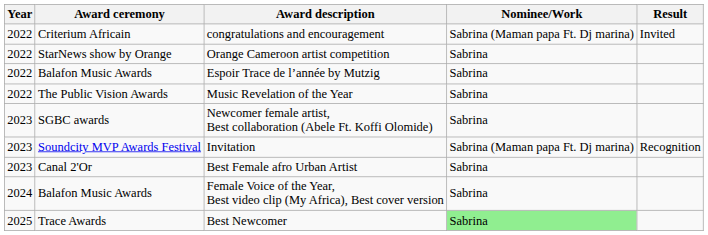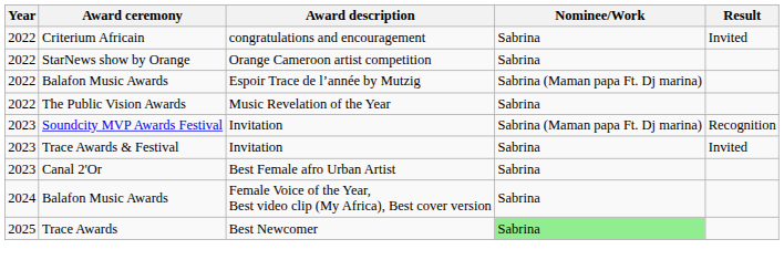 <table class="wikitable sortable">
 <tr>
 <th>Year</th>
 <th>Award ceremony</th>
 <th>Award description</th>
 <th>Nominee/Work</th>
 <th>Result</th>
 </tr>
 <tr>
 <td>2022</td>
 <td>Criterium Africain</td>
 <td>congratulations and encouragement</td>
-<td>Sabrina (Maman papa Ft. Dj marina)</td>
+<td>Sabrina</td>
 <td>Invited</td>
 </tr>
 <tr>
 <td>2022</td>
 <td>StarNews show by Orange</td>
 <td>Orange Cameroon artist competition</td>
 <td>Sabrina</td>
 <td></td>
 </tr>
 <tr>
 <td>2022</td>
 <td>Balafon Music Awards</td>
 <td>Espoir Trace de l’année by Mutzig</td>
-<td>Sabrina</td>
+<td>Sabrina (Maman papa Ft. Dj marina)</td>
 <td></td>
 </tr>
 <tr>
 <td>2022</td>
 <td>The Public Vision Awards</td>
 <td>Music Revelation of the Year</td>
 <td>Sabrina</td>
 <td></td>
 </tr>
 <tr>
 <td>2023</td>
-<td>SGBC awards</td>
-<td>Newcomer female artist,<br>Best collaboration (Abele Ft. Koffi Olomide)</td>
-<td>Sabrina</td>
-<td></td>
-</tr>
-<tr>
-<td>2023</td>
 <td><a href='#'>Soundcity MVP Awards Festival</a></td>
 <td>Invitation</td>
 <td>Sabrina (Maman papa Ft. Dj marina)</td>
 <td>Recognition</td>
+</tr>
+<tr>
+<td>2023</td>
+<td>Trace Awards & Festival</td>
+<td>Invitation</td>
+<td>Sabrina</td>
+<td>Invited</td>
 </tr>
 <tr>
 <td>2023</td>
 <td>Canal 2'Or</td>
 <td>Best Female afro Urban Artist</td>
 <td>Sabrina</td>
 <td></td>
 </tr>
 <tr>
 <td>2024</td>
 <td>Balafon Music Awards</td>
 <td>Female Voice of the Year,<br>Best video clip (My Africa),  Best cover version</td>
 <td>Sabrina</td>
 <td></td>
 </tr>
 <tr>
 <td>2025</td>
 <td>Trace Awards</td>
 <td>Best Newcomer</td>
 <td style="background: lightgreen;">Sabrina</td>
 <td></td>
 </tr>
 </table>
